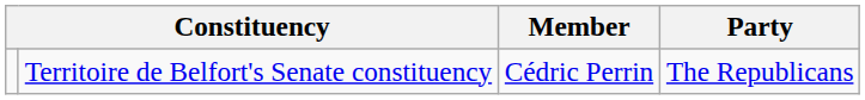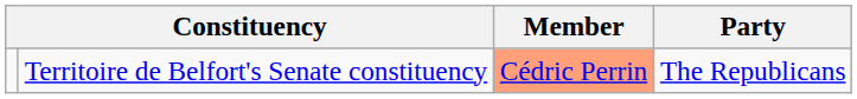 <table class="wikitable">
 <tr>
 <th colspan="2">Constituency</th>
 <th>Member</th>
 <th>Party</th>
 </tr>
 <tr>
 <td style="background-color: "></td>
 <td><a href='#'>Territoire de Belfort's Senate constituency</a></td>
-<td><a href='#'>Cédric Perrin</a></td>
+<td style="background: lightsalmon;"><a href='#'>Cédric Perrin</a></td>
 <td><a href='#'>The Republicans</a></td>
 </tr>
 </table>
